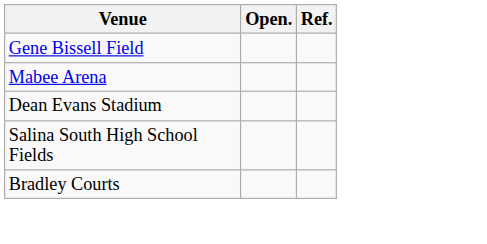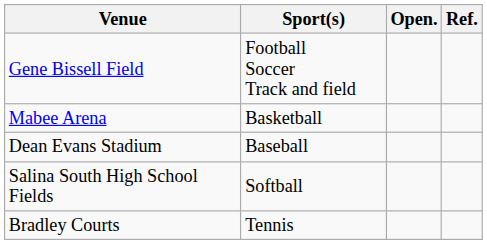 <table class="wikitable"; style= "text-align: ">
 <tr>
 <th width=200px>Venue</th>
+<th width=120px>Sport(s)</th>
 <th width=0px>Open.</th>
 <th width=0px>Ref.</th>
 </tr>
 <tr>
 <td><a href='#'>Gene Bissell Field</a> </td>
+<td>Football <br> Soccer <br> Track and field</td>
 <td></td>
 <td></td>
 </tr>
 <tr>
 <td><a href='#'>Mabee Arena</a></td>
+<td>Basketball</td>
 <td></td>
 <td></td>
 </tr>
 <tr>
 <td>Dean Evans Stadium</td>
+<td>Baseball</td>
 <td></td>
 <td></td>
 </tr>
 <tr>
 <td>Salina South High School Fields</td>
+<td>Softball</td>
 <td></td>
 <td></td>
 </tr>
 <tr>
 <td>Bradley Courts </td>
+<td>Tennis</td>
 <td></td>
 <td></td>
 </tr>
 </table>
